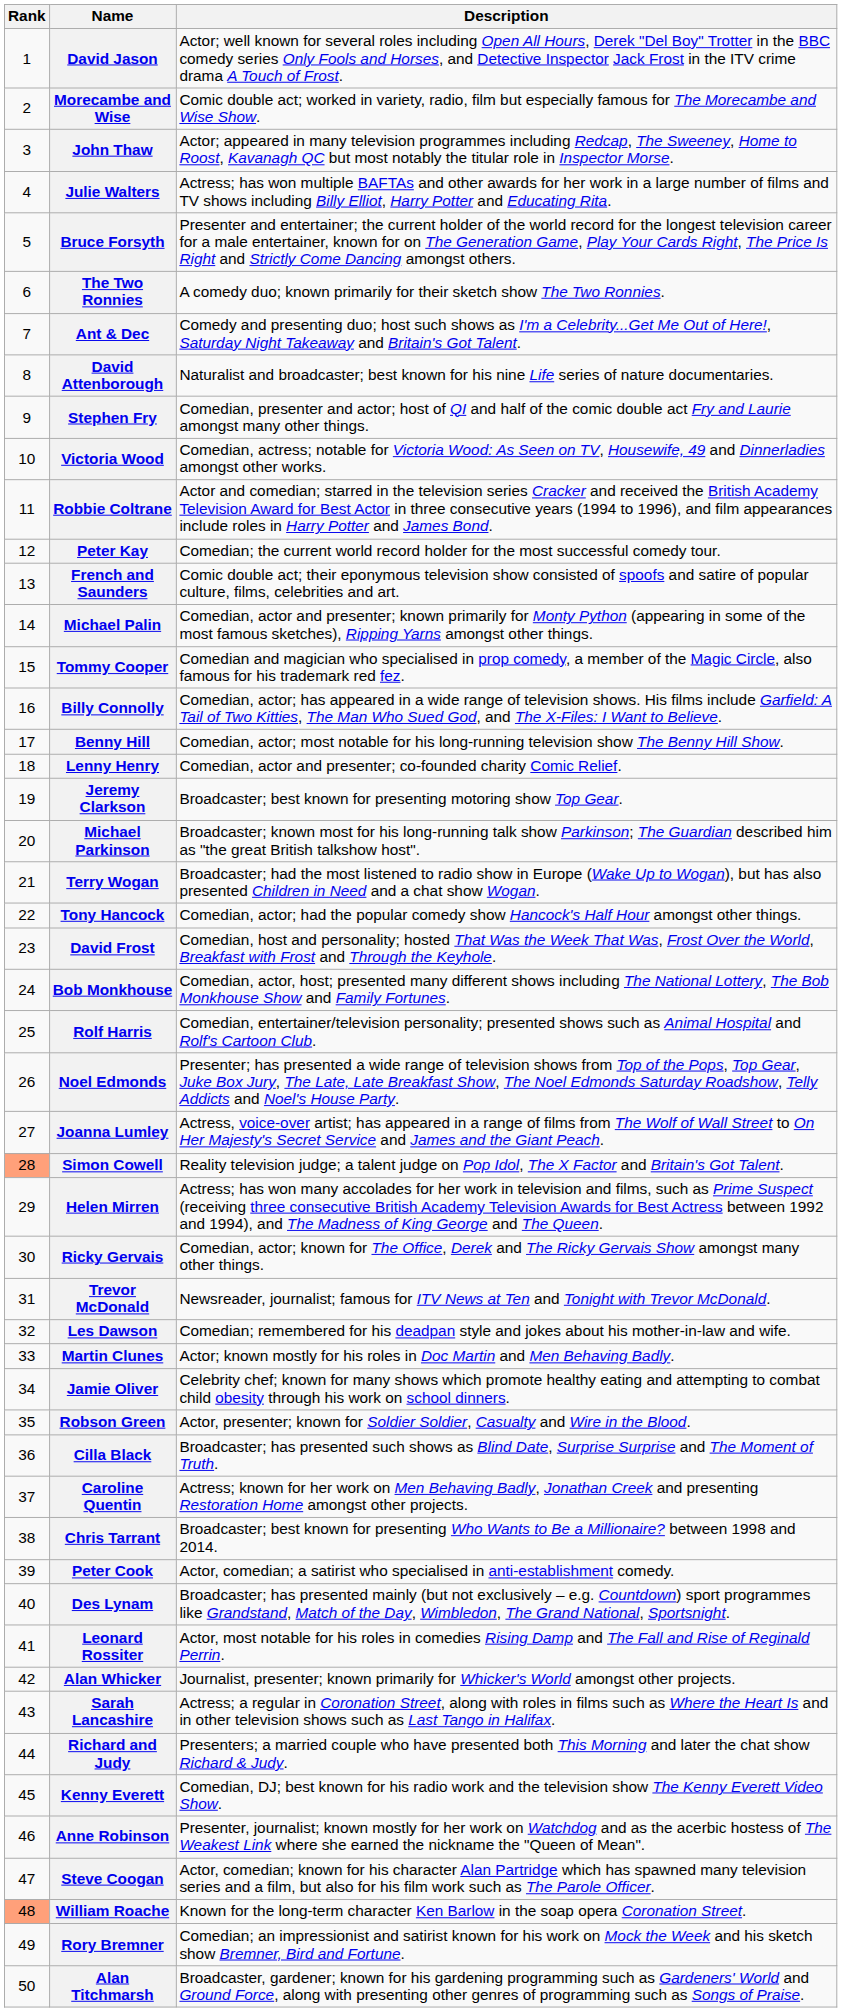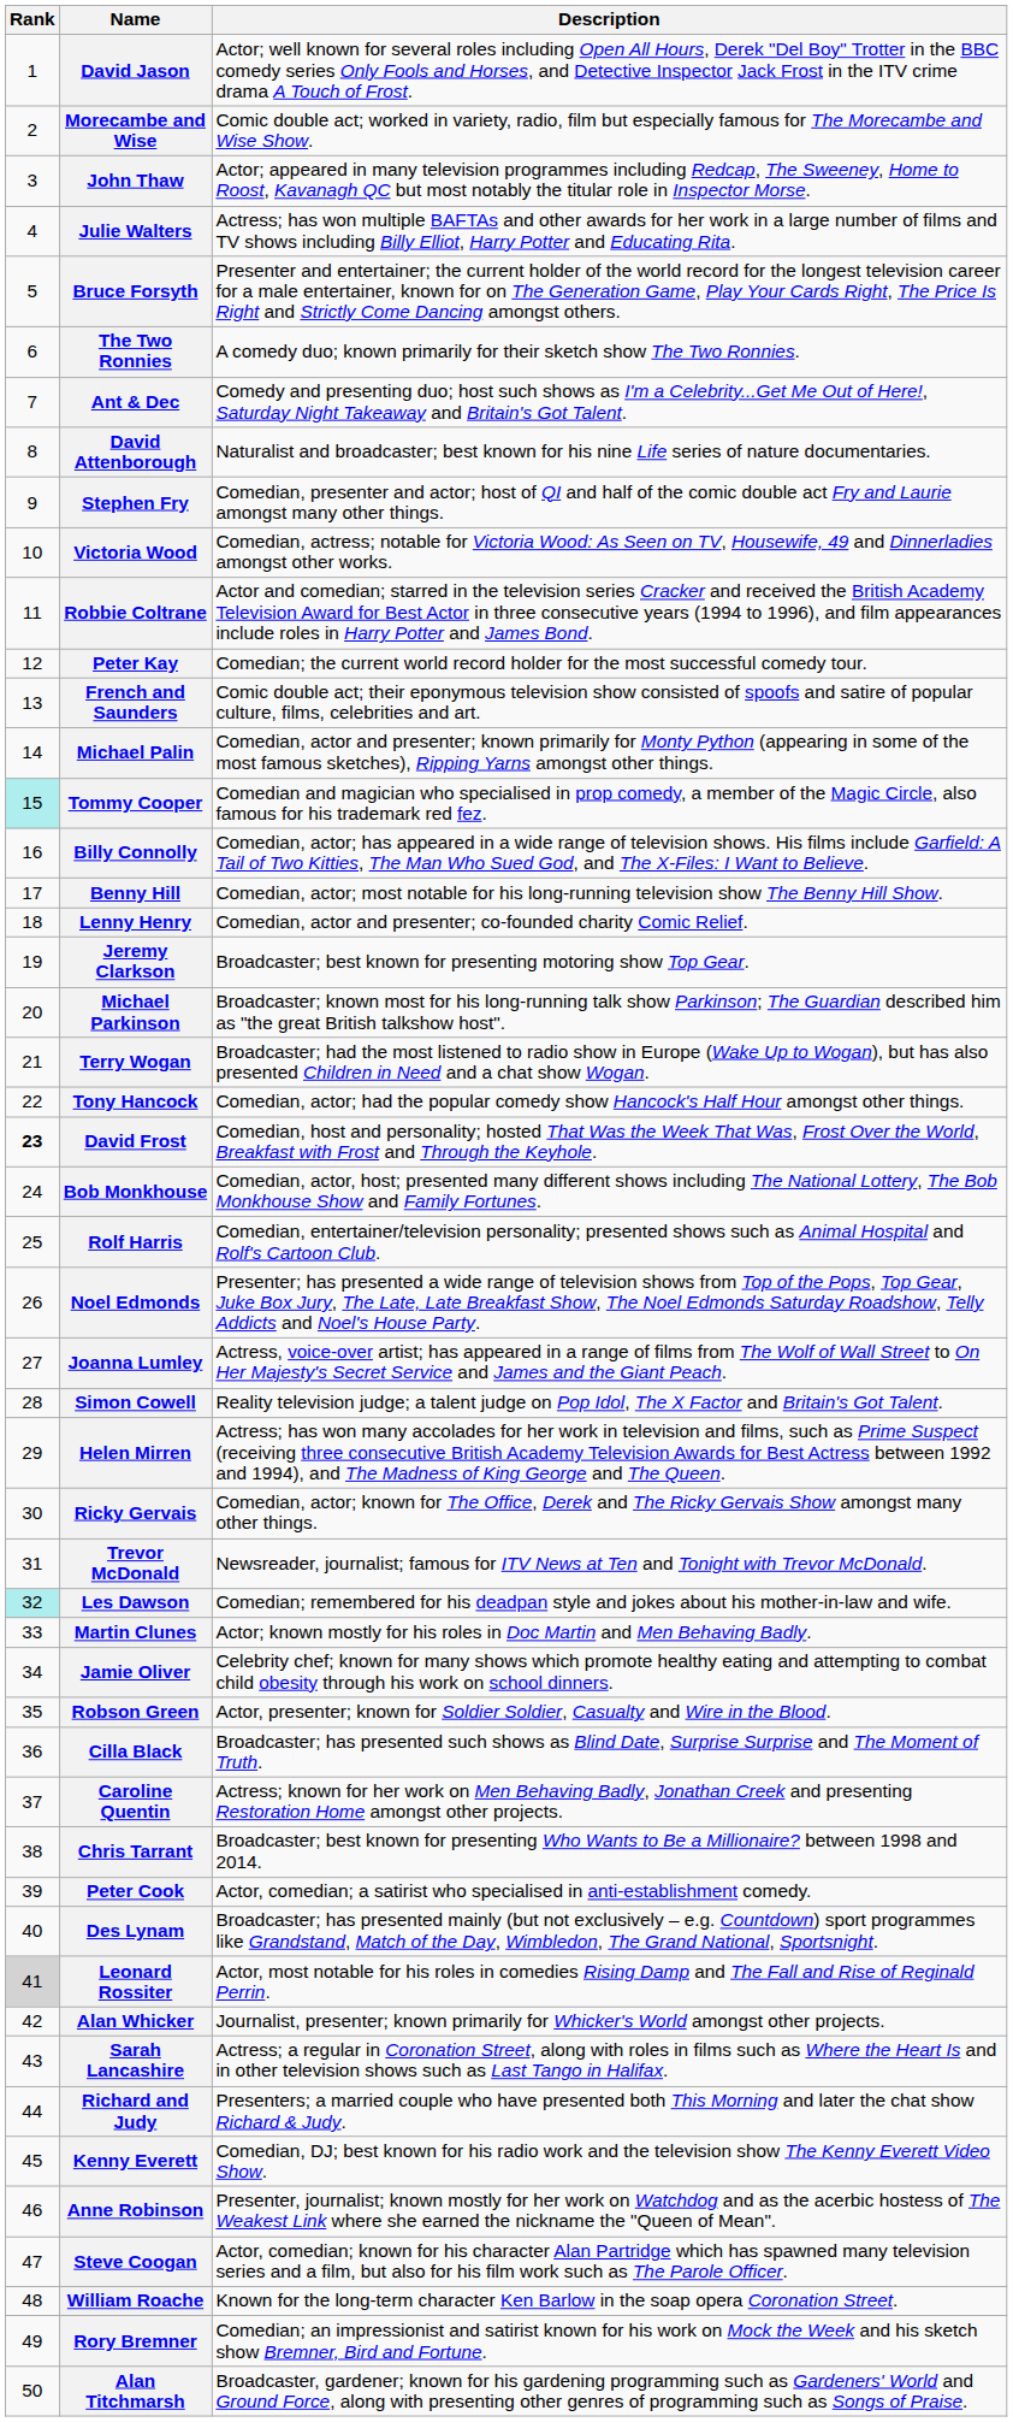 <table class="wikitable sortable plainrowheaders">
 <tr>
 <th scope="col">Rank</th>
 <th scope="col">Name</th>
 <th scope="col" class="unsortable">Description</th>
 </tr>
 <tr>
 <td align="center">1</td>
 <th scope="row"><a href='#'>David Jason</a></th>
 <td>Actor; well known for several roles including <em><a href='#'>Open All Hours</a></em>, <a href='#'>Derek "Del Boy" Trotter</a> in the <a href='#'>BBC</a> comedy series <em><a href='#'>Only Fools and Horses</a></em>, and <a href='#'>Detective Inspector</a> <a href='#'>Jack Frost</a> in the ITV crime drama <em><a href='#'>A Touch of Frost</a></em>.</td>
 </tr>
 <tr>
 <td align="center">2</td>
 <th scope="row"><a href='#'>Morecambe and Wise</a></th>
 <td>Comic double act; worked in variety, radio, film but especially famous for <em><a href='#'>The Morecambe and Wise Show</a></em>.</td>
 </tr>
 <tr>
 <td align="center">3</td>
 <th scope="row"><a href='#'>John Thaw</a></th>
 <td>Actor; appeared in many television programmes including <a href='#'><em>Redcap</em></a>, <em><a href='#'>The Sweeney</a></em>, <em><a href='#'>Home to Roost</a></em>, <em><a href='#'>Kavanagh QC</a></em> but most notably the titular role in <em><a href='#'>Inspector Morse</a></em>.</td>
 </tr>
 <tr>
 <td align="center">4</td>
 <th scope="row"><a href='#'>Julie Walters</a></th>
 <td>Actress; has won multiple <a href='#'>BAFTAs</a> and other awards for her work in a large number of films and TV shows including <em><a href='#'>Billy Elliot</a></em>, <em><a href='#'>Harry Potter</a></em> and <em><a href='#'>Educating Rita</a></em>.</td>
 </tr>
 <tr>
 <td align="center">5</td>
 <th scope="row"><a href='#'>Bruce Forsyth</a></th>
 <td>Presenter and entertainer; the current holder of the world record for the longest television career for a male entertainer, known for on <em><a href='#'>The Generation Game</a></em>, <em><a href='#'>Play Your Cards Right</a></em>, <em><a href='#'>The Price Is Right</a></em> and <em><a href='#'>Strictly Come Dancing</a></em> amongst others.</td>
 </tr>
 <tr>
 <td align="center">6</td>
 <th scope="row"><a href='#'>The Two Ronnies</a></th>
 <td>A comedy duo; known primarily for their sketch show <em><a href='#'>The Two Ronnies</a></em>.</td>
 </tr>
 <tr>
 <td align="center">7</td>
 <th scope="row"><a href='#'>Ant & Dec</a></th>
 <td>Comedy and presenting duo; host such shows as <em><a href='#'>I'm a Celebrity...Get Me Out of Here!</a></em>, <em><a href='#'>Saturday Night Takeaway</a></em> and <em><a href='#'>Britain's Got Talent</a></em>.</td>
 </tr>
 <tr>
 <td align="center">8</td>
 <th scope="row"><a href='#'>David Attenborough</a></th>
 <td>Naturalist and broadcaster; best known for his nine <a href='#'><em>Life</em></a> series of nature documentaries.</td>
 </tr>
 <tr>
 <td align="center">9</td>
 <th scope="row"><a href='#'>Stephen Fry</a></th>
 <td>Comedian, presenter and actor; host of <em><a href='#'>QI</a></em> and half of the comic double act <em><a href='#'>Fry and Laurie</a></em> amongst many other things.</td>
 </tr>
 <tr>
 <td align="center">10</td>
 <th scope="row"><a href='#'>Victoria Wood</a></th>
 <td>Comedian, actress; notable for <em><a href='#'>Victoria Wood: As Seen on TV</a></em>, <em><a href='#'>Housewife, 49</a></em> and <em><a href='#'>Dinnerladies</a></em> amongst other works.</td>
 </tr>
 <tr>
 <td align="center">11</td>
 <th scope="row"><a href='#'>Robbie Coltrane</a></th>
 <td>Actor and comedian; starred in the television series <em><a href='#'>Cracker</a></em> and received the <a href='#'>British Academy Television Award for Best Actor</a> in three consecutive years (1994 to 1996), and film appearances include roles in <em><a href='#'>Harry Potter</a></em> and <em><a href='#'>James Bond</a></em>.</td>
 </tr>
 <tr>
 <td align="center">12</td>
 <th scope="row"><a href='#'>Peter Kay</a></th>
 <td>Comedian; the current world record holder for the most successful comedy tour.</td>
 </tr>
 <tr>
 <td align="center">13</td>
 <th scope="row"><a href='#'>French and Saunders</a></th>
 <td>Comic double act; their eponymous television show consisted of <a href='#'>spoofs</a> and satire of popular culture, films, celebrities and art.</td>
 </tr>
 <tr>
 <td align="center">14</td>
 <th scope="row"><a href='#'>Michael Palin</a></th>
 <td>Comedian, actor and presenter; known primarily for <em><a href='#'>Monty Python</a></em> (appearing in some of the most famous sketches), <em><a href='#'>Ripping Yarns</a></em> amongst other things.</td>
 </tr>
 <tr>
-<td align="center">15</td>
+<td align="center" style="background: paleturquoise;">15</td>
 <th scope="row"><a href='#'>Tommy Cooper</a></th>
 <td>Comedian and magician who specialised in <a href='#'>prop comedy</a>, a member of the <a href='#'>Magic Circle</a>, also famous for his trademark red <a href='#'>fez</a>.</td>
 </tr>
 <tr>
 <td align="center">16</td>
 <th scope="row"><a href='#'>Billy Connolly</a></th>
 <td>Comedian, actor; has appeared in a wide range of television shows. His films include <em><a href='#'>Garfield: A Tail of Two Kitties</a></em>, <em><a href='#'>The Man Who Sued God</a></em>, and <em><a href='#'>The X-Files: I Want to Believe</a></em>.</td>
 </tr>
 <tr>
 <td align="center">17</td>
 <th scope="row"><a href='#'>Benny Hill</a></th>
 <td>Comedian, actor; most notable for his long-running television show <em><a href='#'>The Benny Hill Show</a></em>.</td>
 </tr>
 <tr>
 <td align="center">18</td>
 <th scope="row"><a href='#'>Lenny Henry</a></th>
 <td>Comedian, actor and presenter; co-founded charity <a href='#'>Comic Relief</a>.</td>
 </tr>
 <tr>
 <td align="center">19</td>
 <th scope="row"><a href='#'>Jeremy Clarkson</a></th>
 <td>Broadcaster; best known for presenting motoring show <em><a href='#'>Top Gear</a></em>.</td>
 </tr>
 <tr>
 <td align="center">20</td>
 <th scope="row"><a href='#'>Michael Parkinson</a></th>
 <td>Broadcaster; known most for his long-running talk show <em><a href='#'>Parkinson</a></em>; <em><a href='#'>The Guardian</a></em> described him as "the great British talkshow host".</td>
 </tr>
 <tr>
 <td align="center">21</td>
 <th scope="row"><a href='#'>Terry Wogan</a></th>
 <td>Broadcaster; had the most listened to radio show in Europe (<em><a href='#'>Wake Up to Wogan</a></em>), but has also presented <em><a href='#'>Children in Need</a></em> and a chat show <em><a href='#'>Wogan</a></em>.</td>
 </tr>
 <tr>
 <td align="center">22</td>
 <th scope="row"><a href='#'>Tony Hancock</a></th>
 <td>Comedian, actor; had the popular comedy show <em><a href='#'>Hancock's Half Hour</a></em> amongst other things.</td>
 </tr>
 <tr>
-<td align="center">23</td>
+<td align="center"><strong>23</strong></td>
 <th scope="row"><a href='#'>David Frost</a></th>
 <td>Comedian, host and personality; hosted <em><a href='#'>That Was the Week That Was</a></em>, <em><a href='#'>Frost Over the World</a></em>, <em><a href='#'>Breakfast with Frost</a></em> and <em><a href='#'>Through the Keyhole</a></em>.</td>
 </tr>
 <tr>
 <td align="center">24</td>
 <th scope="row"><a href='#'>Bob Monkhouse</a></th>
 <td>Comedian, actor, host; presented many different shows including <em><a href='#'>The National Lottery</a></em>, <em><a href='#'>The Bob Monkhouse Show</a></em> and <em><a href='#'>Family Fortunes</a></em>.</td>
 </tr>
 <tr>
 <td align="center">25</td>
 <th scope="row"><a href='#'>Rolf Harris</a></th>
 <td>Comedian, entertainer/television personality; presented shows such as <em><a href='#'>Animal Hospital</a></em> and <em><a href='#'>Rolf's Cartoon Club</a></em>.</td>
 </tr>
 <tr>
 <td align="center">26</td>
 <th scope="row"><a href='#'>Noel Edmonds</a></th>
 <td>Presenter; has presented a wide range of television shows from <em><a href='#'>Top of the Pops</a></em>, <em><a href='#'>Top Gear</a></em>, <em><a href='#'>Juke Box Jury</a></em>, <em><a href='#'>The Late, Late Breakfast Show</a></em>, <em><a href='#'>The Noel Edmonds Saturday Roadshow</a></em>, <em><a href='#'>Telly Addicts</a></em> and <em><a href='#'>Noel's House Party</a></em>.</td>
 </tr>
 <tr>
 <td align="center">27</td>
 <th scope="row"><a href='#'>Joanna Lumley</a></th>
 <td>Actress, <a href='#'>voice-over</a> artist; has appeared in a range of films from <em><a href='#'>The Wolf of Wall Street</a></em> to <em><a href='#'>On Her Majesty's Secret Service</a></em> and <em><a href='#'>James and the Giant Peach</a></em>.</td>
 </tr>
 <tr>
-<td align="center" style="background: lightsalmon;">28</td>
+<td align="center">28</td>
 <th scope="row"><a href='#'>Simon Cowell</a></th>
 <td>Reality television judge; a talent judge on <em><a href='#'>Pop Idol</a></em>, <em><a href='#'>The X Factor</a></em> and <em><a href='#'>Britain's Got Talent</a></em>.</td>
 </tr>
 <tr>
 <td align="center">29</td>
 <th scope="row"><a href='#'>Helen Mirren</a></th>
 <td>Actress; has won many accolades for her work in television and films, such as <em><a href='#'>Prime Suspect</a></em> (receiving <a href='#'>three consecutive British Academy Television Awards for Best Actress</a> between 1992 and 1994), and <em><a href='#'>The Madness of King George</a></em> and <em><a href='#'>The Queen</a></em>.</td>
 </tr>
 <tr>
 <td align="center">30</td>
 <th scope="row"><a href='#'>Ricky Gervais</a></th>
 <td>Comedian, actor; known for <em><a href='#'>The Office</a></em>, <em><a href='#'>Derek</a></em> and <em><a href='#'>The Ricky Gervais Show</a></em> amongst many other things.</td>
 </tr>
 <tr>
 <td align="center">31</td>
 <th scope="row"><a href='#'>Trevor McDonald</a></th>
 <td>Newsreader, journalist; famous for <em><a href='#'>ITV News at Ten</a></em> and <em><a href='#'>Tonight with Trevor McDonald</a></em>.</td>
 </tr>
 <tr>
-<td align="center">32</td>
+<td align="center" style="background: paleturquoise;">32</td>
 <th scope="row"><a href='#'>Les Dawson</a></th>
 <td>Comedian; remembered for his <a href='#'>deadpan</a> style and jokes about his mother-in-law and wife.</td>
 </tr>
 <tr>
 <td align="center">33</td>
 <th scope="row"><a href='#'>Martin Clunes</a></th>
 <td>Actor; known mostly for his roles in <em><a href='#'>Doc Martin</a></em> and <em><a href='#'>Men Behaving Badly</a></em>.</td>
 </tr>
 <tr>
 <td align="center">34</td>
 <th scope="row"><a href='#'>Jamie Oliver</a></th>
 <td>Celebrity chef; known for many shows which promote healthy eating and attempting to combat child <a href='#'>obesity</a> through his work on <a href='#'>school dinners</a>.</td>
 </tr>
 <tr>
 <td align="center">35</td>
 <th scope="row"><a href='#'>Robson Green</a></th>
 <td>Actor, presenter; known for <em><a href='#'>Soldier Soldier</a></em>, <em><a href='#'>Casualty</a></em> and <em><a href='#'>Wire in the Blood</a></em>.</td>
 </tr>
 <tr>
 <td align="center">36</td>
 <th scope="row"><a href='#'>Cilla Black</a></th>
 <td>Broadcaster; has presented such shows as <em><a href='#'>Blind Date</a></em>, <em><a href='#'>Surprise Surprise</a></em> and <em><a href='#'>The Moment of Truth</a></em>.</td>
 </tr>
 <tr>
 <td align="center">37</td>
 <th scope="row"><a href='#'>Caroline Quentin</a></th>
 <td>Actress; known for her work on <em><a href='#'>Men Behaving Badly</a></em>, <em><a href='#'>Jonathan Creek</a></em> and presenting <em><a href='#'>Restoration Home</a></em> amongst other projects.</td>
 </tr>
 <tr>
 <td align="center">38</td>
 <th scope="row"><a href='#'>Chris Tarrant</a></th>
 <td>Broadcaster; best known for presenting <em><a href='#'>Who Wants to Be a Millionaire?</a></em> between 1998 and 2014.</td>
 </tr>
 <tr>
 <td align="center">39</td>
 <th scope="row"><a href='#'>Peter Cook</a></th>
 <td>Actor, comedian; a satirist who specialised in <a href='#'>anti-establishment</a> comedy.</td>
 </tr>
 <tr>
 <td align="center">40</td>
 <th scope="row"><a href='#'>Des Lynam</a></th>
 <td>Broadcaster; has presented mainly (but not exclusively – e.g. <em><a href='#'>Countdown</a></em>) sport programmes like <em><a href='#'>Grandstand</a></em>, <em><a href='#'>Match of the Day</a></em>, <em><a href='#'>Wimbledon</a></em>, <em><a href='#'>The Grand National</a></em>, <em><a href='#'>Sportsnight</a></em>.</td>
 </tr>
 <tr>
-<td align="center">41</td>
+<td align="center" style="background: lightgrey;">41</td>
 <th scope="row"><a href='#'>Leonard Rossiter</a></th>
 <td>Actor, most notable for his roles in comedies <em><a href='#'>Rising Damp</a></em> and <em><a href='#'>The Fall and Rise of Reginald Perrin</a></em>.</td>
 </tr>
 <tr>
 <td align="center">42</td>
 <th scope="row"><a href='#'>Alan Whicker</a></th>
 <td>Journalist, presenter; known primarily for <em><a href='#'>Whicker's World</a></em> amongst other projects.</td>
 </tr>
 <tr>
 <td align="center">43</td>
 <th scope="row"><a href='#'>Sarah Lancashire</a></th>
 <td>Actress; a regular in <em><a href='#'>Coronation Street</a></em>, along with roles in films such as <em><a href='#'>Where the Heart Is</a></em> and in other television shows such as <em><a href='#'>Last Tango in Halifax</a></em>.</td>
 </tr>
 <tr>
 <td align="center">44</td>
 <th scope="row"><a href='#'>Richard and Judy</a></th>
 <td>Presenters; a married couple who have presented both <em><a href='#'>This Morning</a></em> and later the chat show <em><a href='#'>Richard & Judy</a></em>.</td>
 </tr>
 <tr>
 <td align="center">45</td>
 <th scope="row"><a href='#'>Kenny Everett</a></th>
 <td>Comedian, DJ; best known for his radio work and the television show <em><a href='#'>The Kenny Everett Video Show</a></em>.</td>
 </tr>
 <tr>
 <td align="center">46</td>
 <th scope="row"><a href='#'>Anne Robinson</a></th>
 <td>Presenter, journalist; known mostly for her work on <em><a href='#'>Watchdog</a></em> and as the acerbic hostess of <em><a href='#'>The Weakest Link</a></em> where she earned the nickname the "Queen of Mean".</td>
 </tr>
 <tr>
 <td align="center">47</td>
 <th scope="row"><a href='#'>Steve Coogan</a></th>
 <td>Actor, comedian; known for his character <a href='#'>Alan Partridge</a> which has spawned many television series and a film, but also for his film work such as <em><a href='#'>The Parole Officer</a></em>.</td>
 </tr>
 <tr>
-<td align="center" style="background: lightsalmon;">48</td>
+<td align="center">48</td>
 <th scope="row"><a href='#'>William Roache</a></th>
 <td>Known for the long-term character <a href='#'>Ken Barlow</a> in the soap opera <em><a href='#'>Coronation Street</a></em>.</td>
 </tr>
 <tr>
 <td align="center">49</td>
 <th scope="row"><a href='#'>Rory Bremner</a></th>
 <td>Comedian; an impressionist and satirist known for his work on <em><a href='#'>Mock the Week</a></em> and his sketch show <em><a href='#'>Bremner, Bird and Fortune</a></em>.</td>
 </tr>
 <tr>
 <td align="center">50</td>
 <th scope="row"><a href='#'>Alan Titchmarsh</a></th>
 <td>Broadcaster, gardener; known for his gardening programming such as <em><a href='#'>Gardeners' World</a></em> and  <em><a href='#'>Ground Force</a></em>, along with presenting other genres of programming such as <em><a href='#'>Songs of Praise</a></em>.</td>
 </tr>
 </table>
